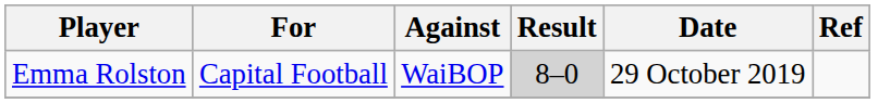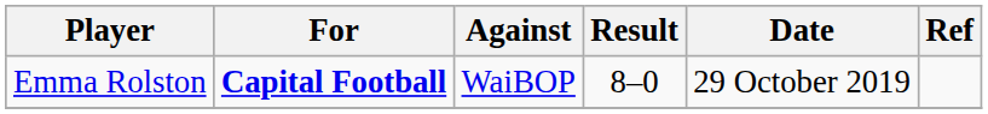 <table class=wikitable>
 <tr>
 <th>Player</th>
 <th>For</th>
 <th>Against</th>
 <th Style="text-align:center">Result</th>
 <th>Date</th>
 <th>Ref</th>
 </tr>
 <tr>
 <td><a href='#'>Emma Rolston</a></td>
-<td><a href='#'>Capital Football</a></td>
+<td><strong><a href='#'>Capital Football</a></strong></td>
 <td><a href='#'>WaiBOP</a></td>
-<td style="background: lightgrey; text-align:center;">8–0</td>
+<td style="text-align:center;">8–0</td>
 <td>29 October 2019</td>
 <td></td>
 </tr>
 <tr>
 </tr>
 </table>
